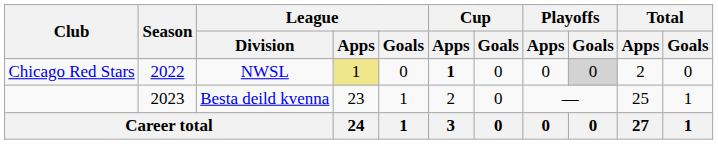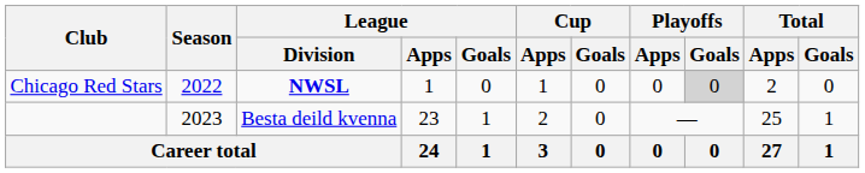 <table class="wikitable" style="text-align: center;">
 <tr>
 <th rowspan="2">Club</th>
 <th rowspan="2">Season</th>
 <th colspan="3">League</th>
 <th colspan="2">Cup</th>
 <th colspan="2">Playoffs</th>
 <th colspan="2">Total</th>
 </tr>
 <tr>
 <th>Division</th>
 <th>Apps</th>
 <th>Goals</th>
 <th>Apps</th>
 <th>Goals</th>
 <th>Apps</th>
 <th>Goals</th>
 <th>Apps</th>
 <th>Goals</th>
 </tr>
 <tr>
 <td><a href='#'>Chicago Red Stars</a></td>
 <td><a href='#'>2022</a></td>
-<td><a href='#'>NWSL</a></td>
-<td style="background: khaki;">1</td>
+<td><strong><a href='#'>NWSL</a></strong></td>
+<td>1</td>
 <td>0</td>
-<td><strong>1</strong></td>
+<td>1</td>
 <td>0</td>
 <td>0</td>
 <td style="background: lightgrey;">0</td>
 <td>2</td>
 <td>0</td>
 </tr>
 <tr>
 <td></td>
 <td>2023</td>
 <td><a href='#'>Besta deild kvenna</a></td>
 <td>23</td>
 <td>1</td>
 <td>2</td>
 <td>0</td>
 <td colspan="2">—</td>
 <td>25</td>
 <td>1</td>
 </tr>
 <tr>
 <th colspan="3">Career total</th>
 <th>24</th>
 <th>1</th>
 <th>3</th>
 <th>0</th>
 <th>0</th>
 <th>0</th>
 <th>27</th>
 <th>1</th>
 </tr>
 </table>
